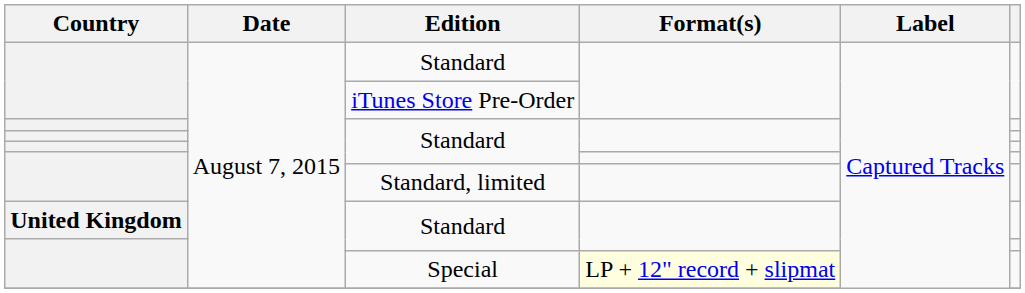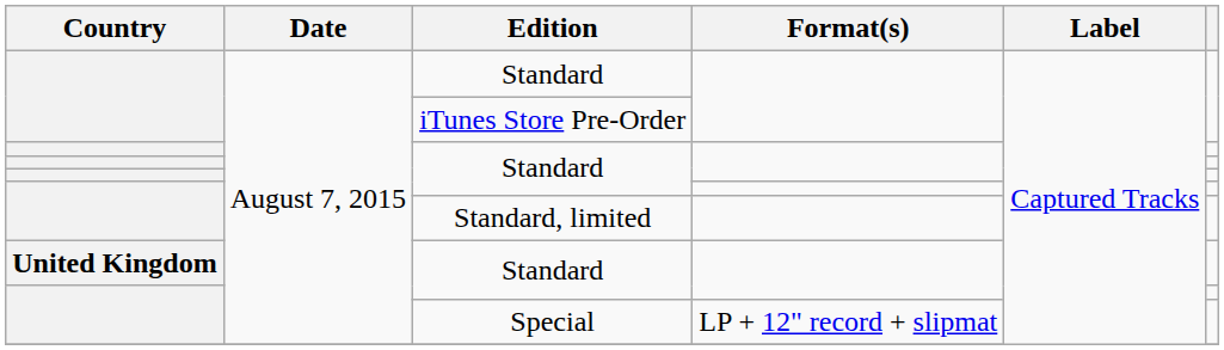 <table class="wikitable plainrowheaders" style="text-align:center;">
 <tr>
 <th scope=col>Country</th>
 <th scope=col>Date</th>
 <th scope=col>Edition</th>
 <th scope=col>Format(s)</th>
 <th scope=col>Label</th>
 <th scope=col></th>
 </tr>
 <tr>
 <th scope=row rowspan=2></th>
 <td rowspan=10>August 7, 2015</td>
 <td>Standard</td>
 <td rowspan=2></td>
 <td rowspan=12><a href='#'>Captured Tracks</a></td>
 <td rowspan=2></td>
 </tr>
 <tr>
 <td><a href='#'>iTunes Store</a> Pre-Order</td>
 </tr>
 <tr>
 <th scope=row></th>
 <td rowspan=4>Standard</td>
 <td rowspan=3></td>
 <td></td>
 </tr>
 <tr>
 <th scope=row></th>
 <td></td>
 </tr>
 <tr>
 <th scope=row></th>
 <td></td>
 </tr>
 <tr>
 <th scope=row rowspan=2></th>
 <td></td>
 <td></td>
 </tr>
 <tr>
 <td>Standard, limited</td>
 <td></td>
 <td></td>
 </tr>
 <tr>
 <th scope=row>United Kingdom</th>
 <td rowspan=2>Standard</td>
 <td rowspan=2></td>
 <td></td>
 </tr>
 <tr>
 <th scope=row rowspan=2></th>
 <td></td>
 </tr>
 <tr>
 <td>Special</td>
-<td style="background: lightyellow;">LP + <a href='#'>12" record</a> + <a href='#'>slipmat</a></td>
+<td>LP + <a href='#'>12" record</a> + <a href='#'>slipmat</a></td>
 <td></td>
 </tr>
 <tr>
 </tr>
 </table>
